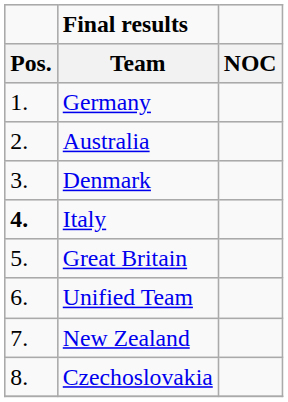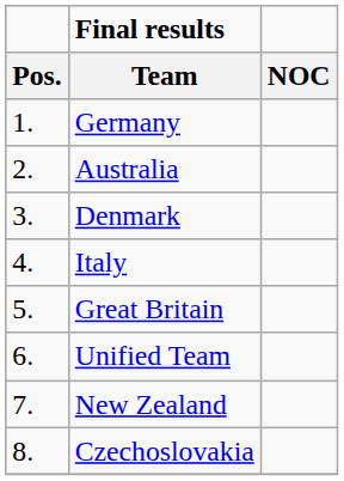 <table class="wikitable" style="font-size:95%;">
 <tr>
 <td></td>
 <td><strong>Final results</strong></td>
 </tr>
 <tr>
 <th>Pos.</th>
 <th>Team</th>
 <th>NOC</th>
 </tr>
 <tr>
 <td>1.</td>
 <td><a href='#'>Germany</a></td>
 <td></td>
 </tr>
 <tr>
 <td>2.</td>
 <td><a href='#'>Australia</a></td>
 <td></td>
 </tr>
 <tr>
 <td>3.</td>
 <td><a href='#'>Denmark</a></td>
 <td></td>
 </tr>
 <tr>
-<td><strong>4.</strong></td>
+<td>4.</td>
 <td><a href='#'>Italy</a></td>
 <td></td>
 </tr>
 <tr>
 <td>5.</td>
 <td><a href='#'>Great Britain</a></td>
 <td></td>
 </tr>
 <tr>
 <td>6.</td>
 <td><a href='#'>Unified Team</a></td>
 <td></td>
 </tr>
 <tr>
 <td>7.</td>
 <td><a href='#'>New Zealand</a></td>
 <td></td>
 </tr>
 <tr>
 <td>8.</td>
 <td><a href='#'>Czechoslovakia</a></td>
 <td></td>
 </tr>
 <tr>
 </tr>
 </table>
